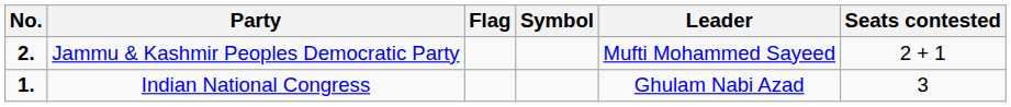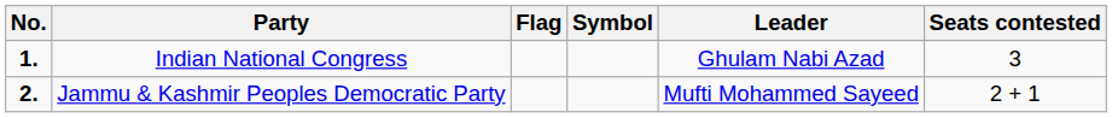 <table class="wikitable">
 <tr>
 <th>No.</th>
 <th>Party</th>
 <th>Flag</th>
 <th>Symbol</th>
 <th>Leader</th>
 <th>Seats contested</th>
 </tr>
 <tr>
+<td ! style="text-align:center; background:"><strong>1.</strong></td>
+<td style="text-align:center"><a href='#'>Indian National Congress</a></td>
+<td></td>
+<td></td>
+<td style="text-align:center"><a href='#'>Ghulam Nabi Azad</a></td>
+<td style="text-align:center">3</td>
+</tr>
+<tr>
 <td ! style="text-align:center; background:"><strong>2.</strong></td>
 <td style="text-align:center"><a href='#'>Jammu & Kashmir Peoples Democratic Party</a></td>
 <td></td>
 <td></td>
 <td style="text-align:center"><a href='#'>Mufti Mohammed Sayeed</a></td>
 <td style="text-align:center">2 + 1</td>
 </tr>
-<tr>
-<td ! style="text-align:center; background:"><strong>1.</strong></td>
-<td style="text-align:center"><a href='#'>Indian National Congress</a></td>
-<td></td>
-<td></td>
-<td style="text-align:center"><a href='#'>Ghulam Nabi Azad</a></td>
-<td style="text-align:center">3</td>
-</tr>
 </table>
